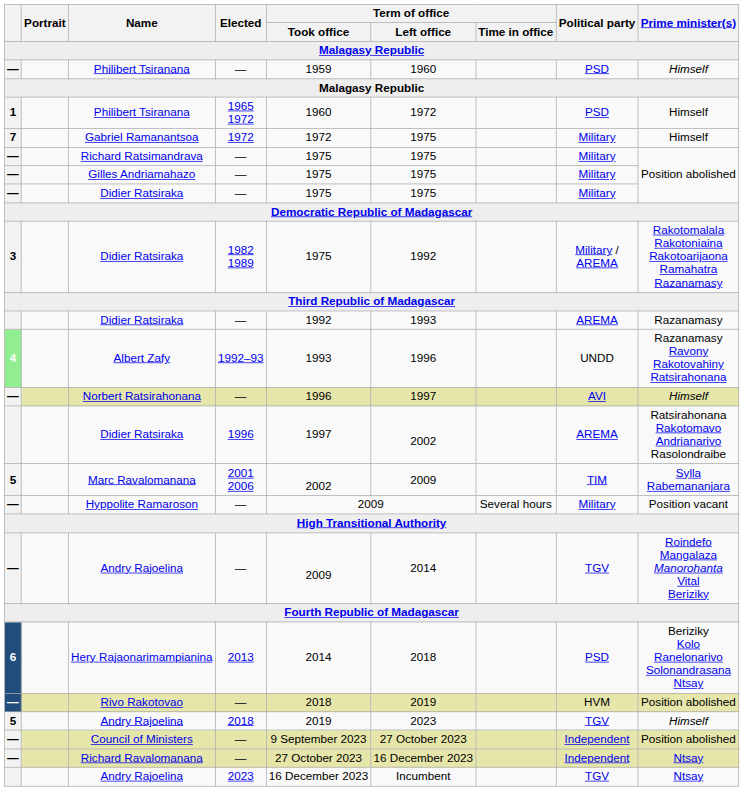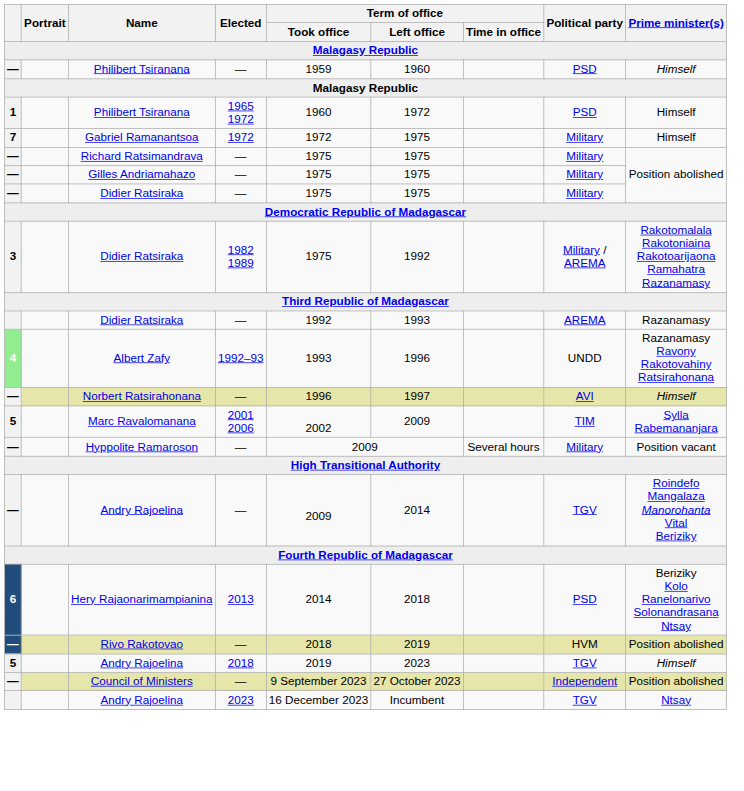 <table class="wikitable" style="text-align:center">
 <tr>
 <th rowspan="2"></th>
 <th rowspan="2">Portrait</th>
 <th rowspan="2">Name<br></th>
 <th rowspan="2">Elected</th>
 <th colspan="3">Term of office</th>
 <th rowspan="2">Political party</th>
 <th rowspan="2"><a href='#'>Prime minister(s)</a></th>
 </tr>
 <tr>
 <th>Took office</th>
 <th>Left office</th>
 <th>Time in office</th>
 </tr>
 <tr bgcolor=#EEEEEE>
 <td colspan="9"><strong><a href='#'>Malagasy Republic</a> </strong></td>
 </tr>
 <tr>
 <th style="background:">—</th>
 <td></td>
 <td><a href='#'>Philibert Tsiranana</a><br></td>
 <td>—</td>
 <td> 1959</td>
 <td> 1960</td>
 <td></td>
 <td><a href='#'>PSD</a></td>
 <td><em>Himself</em></td>
 </tr>
 <tr bgcolor=#EEEEEE>
 <td colspan="9"><strong>Malagasy Republic </strong></td>
 </tr>
 <tr>
 <th style="background:">1</th>
 <td></td>
 <td><a href='#'>Philibert Tsiranana</a><br></td>
 <td><a href='#'>1965</a><br><a href='#'>1972</a></td>
 <td> 1960</td>
 <td> 1972<br></td>
 <td></td>
 <td><a href='#'>PSD</a></td>
 <td>Himself</td>
 </tr>
 <tr>
 <th style="background:">7</th>
 <td></td>
 <td><a href='#'>Gabriel Ramanantsoa</a><br></td>
 <td><a href='#'>1972</a><br></td>
 <td> 1972</td>
 <td> 1975<br></td>
 <td></td>
 <td><a href='#'>Military</a></td>
 <td>Himself</td>
 </tr>
 <tr>
 <th style="background:">—</th>
 <td></td>
 <td><a href='#'>Richard Ratsimandrava</a><br></td>
 <td>—</td>
 <td> 1975</td>
 <td> 1975<br></td>
 <td></td>
 <td><a href='#'>Military</a></td>
 <td rowspan=3>Position abolished</td>
 </tr>
 <tr>
 <th style="background:">—</th>
 <td></td>
 <td><a href='#'>Gilles Andriamahazo</a><br></td>
 <td>—</td>
 <td> 1975</td>
 <td> 1975</td>
 <td></td>
 <td><a href='#'>Military</a></td>
 </tr>
 <tr>
 <th style="background:">—</th>
 <td></td>
 <td><a href='#'>Didier Ratsiraka</a><br></td>
 <td>—</td>
 <td> 1975</td>
 <td> 1975</td>
 <td></td>
 <td><a href='#'>Military</a></td>
 </tr>
 <tr bgcolor=#EEEEEE>
 <td colspan="9"><strong><a href='#'>Democratic Republic of Madagascar</a></strong></td>
 </tr>
 <tr>
 <th style="background:">3</th>
 <td></td>
 <td><a href='#'>Didier Ratsiraka</a><br></td>
 <td><a href='#'>1982</a><br><a href='#'>1989</a></td>
 <td> 1975</td>
 <td> 1992</td>
 <td></td>
 <td><a href='#'>Military</a> / <br><a href='#'>AREMA</a></td>
 <td><a href='#'>Rakotomalala</a><br><a href='#'>Rakotoniaina</a><br><a href='#'>Rakotoarijaona</a><br><a href='#'>Ramahatra</a><br><a href='#'>Razanamasy</a></td>
 </tr>
 <tr bgcolor=#EEEEEE>
 <td colspan="9"><strong><a href='#'>Third Republic of Madagascar</a></strong></td>
 </tr>
 <tr>
 <th style="background:"></th>
 <td></td>
 <td><a href='#'>Didier Ratsiraka</a><br></td>
 <td>—</td>
 <td> 1992</td>
 <td> 1993</td>
 <td></td>
 <td><a href='#'>AREMA</a></td>
 <td>Razanamasy</td>
 </tr>
 <tr>
 <th style="background:LightGreen; color:white;">4</th>
 <td></td>
 <td><a href='#'>Albert Zafy</a><br></td>
 <td><a href='#'>1992–93</a></td>
 <td> 1993</td>
 <td> 1996<br></td>
 <td></td>
 <td>UNDD</td>
 <td>Razanamasy<br><a href='#'>Ravony</a><br><a href='#'>Rakotovahiny</a><br><a href='#'>Ratsirahonana</a></td>
 </tr>
 <tr style="background:#e6e6aa;">
 <th style="background:">—</th>
 <td></td>
 <td><a href='#'>Norbert Ratsirahonana</a><br></td>
 <td>—</td>
 <td> 1996</td>
 <td> 1997</td>
 <td></td>
 <td><a href='#'>AVI</a></td>
 <td><em>Himself</em></td>
 </tr>
 <tr>
-<th style="background:"></th>
-<td></td>
-<td><a href='#'>Didier Ratsiraka</a><br></td>
-<td><a href='#'>1996</a></td>
-<td> 1997</td>
-<td><br> 2002</td>
-<td></td>
-<td><a href='#'>AREMA</a></td>
-<td>Ratsirahonana<br><a href='#'>Rakotomavo</a><br><a href='#'>Andrianarivo</a><br>Rasolondraibe</td>
-</tr>
-<tr>
 <th style="background:">5</th>
 <td></td>
 <td><a href='#'>Marc Ravalomanana</a><br></td>
 <td><a href='#'>2001</a><br><a href='#'>2006</a></td>
 <td><br> 2002</td>
 <td> 2009<br></td>
 <td></td>
 <td><a href='#'>TIM</a></td>
 <td><a href='#'>Sylla</a><br><a href='#'>Rabemananjara</a></td>
 </tr>
 <tr>
 <th style="background:">—</th>
 <td></td>
 <td><a href='#'>Hyppolite Ramaroson</a><br></td>
 <td>—</td>
 <td colspan=2> 2009</td>
 <td>Several hours</td>
 <td><a href='#'>Military</a></td>
 <td>Position vacant</td>
 </tr>
 <tr bgcolor=#EEEEEE>
 <td colspan="9"><strong><a href='#'>High Transitional Authority</a></strong></td>
 </tr>
 <tr>
 <th style="background:">—</th>
 <td></td>
 <td><a href='#'>Andry Rajoelina</a><br></td>
 <td>—</td>
 <td><br> 2009</td>
 <td> 2014</td>
 <td></td>
 <td><a href='#'>TGV</a></td>
 <td><a href='#'>Roindefo</a><br><a href='#'>Mangalaza</a><br><em><a href='#'>Manorohanta</a></em><br><a href='#'>Vital</a><br><a href='#'>Beriziky</a></td>
 </tr>
 <tr bgcolor=#EEEEEE>
 <td colspan="9"><strong><a href='#'>Fourth Republic of Madagascar</a></strong></td>
 </tr>
 <tr>
 <th style="background:#204D7B; color:white;">6</th>
 <td></td>
 <td><a href='#'>Hery Rajaonarimampianina</a><br></td>
 <td><a href='#'>2013</a></td>
 <td> 2014</td>
 <td> 2018</td>
 <td></td>
 <td><a href='#'>PSD</a></td>
 <td>Beriziky<br><a href='#'>Kolo</a><br><a href='#'>Ranelonarivo</a><br><a href='#'>Solonandrasana</a><br><a href='#'>Ntsay</a></td>
 </tr>
 <tr style="background:#e6e6aa;">
 <th style="background:#204D7B; color:white;">—</th>
 <td></td>
 <td><a href='#'>Rivo Rakotovao</a><br></td>
 <td>—</td>
 <td> 2018</td>
 <td> 2019</td>
 <td></td>
 <td>HVM</td>
 <td>Position abolished</td>
 </tr>
 <tr>
 <th style="background:">5</th>
 <td></td>
 <td><a href='#'>Andry Rajoelina</a><br></td>
 <td><a href='#'>2018</a></td>
 <td> 2019</td>
 <td> 2023</td>
 <td></td>
 <td><a href='#'>TGV</a></td>
 <td><em>Himself</em></td>
 </tr>
 <tr style="background:#e6e6aa;">
 <th style="background:">—</th>
 <td></td>
 <td><a href='#'>Council of Ministers</a> <br> </td>
 <td>—</td>
 <td>9 September 2023</td>
 <td>27 October 2023</td>
 <td></td>
 <td><a href='#'>Independent</a></td>
 <td>Position abolished</td>
 </tr>
-<tr style="background:#e6e6aa;">
-<th style="background:">—</th>
-<td></td>
-<td><a href='#'>Richard Ravalomanana</a><br></td>
-<td>—</td>
-<td>27 October 2023</td>
-<td>16 December 2023</td>
-<td></td>
-<td><a href='#'>Independent</a></td>
-<td><a href='#'>Ntsay</a></td>
-</tr>
 <tr>
 <th style="background:"></th>
 <td></td>
 <td><a href='#'>Andry Rajoelina</a><br></td>
 <td><a href='#'>2023</a></td>
 <td>16 December 2023</td>
 <td>Incumbent</td>
 <td></td>
 <td><a href='#'>TGV</a></td>
 <td><a href='#'>Ntsay</a></td>
 </tr>
 </table>
